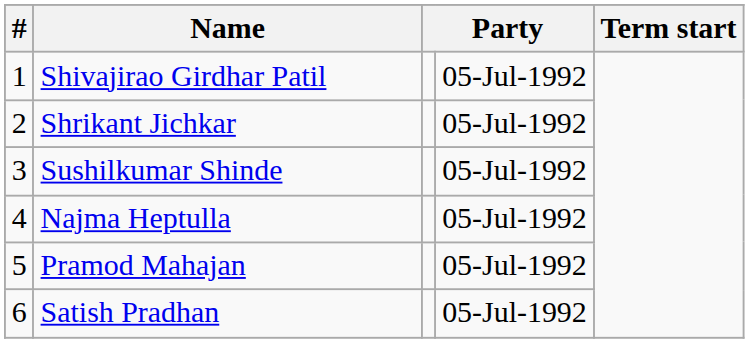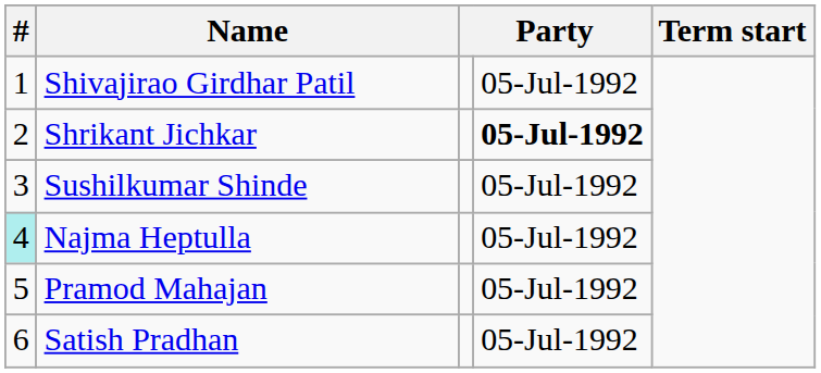 <table class="wikitable">
 <tr>
 <th>#</th>
 <th style="width:200px">Name</th>
 <th colspan="2">Party</th>
 <th>Term start</th>
 </tr>
 <tr>
 <td>1</td>
 <td><a href='#'>Shivajirao Girdhar Patil</a></td>
 <td></td>
 <td>05-Jul-1992</td>
 </tr>
 <tr>
 <td>2</td>
 <td><a href='#'>Shrikant Jichkar</a></td>
 <td></td>
-<td>05-Jul-1992</td>
+<td><strong>05-Jul-1992</strong></td>
 </tr>
 <tr>
 <td>3</td>
 <td><a href='#'>Sushilkumar Shinde</a></td>
 <td></td>
 <td>05-Jul-1992</td>
 </tr>
 <tr>
-<td>4</td>
+<td style="background: paleturquoise;">4</td>
 <td><a href='#'>Najma Heptulla</a></td>
 <td></td>
 <td>05-Jul-1992</td>
 </tr>
 <tr>
 <td>5</td>
 <td><a href='#'>Pramod Mahajan</a></td>
 <td></td>
 <td>05-Jul-1992</td>
 </tr>
 <tr>
 <td>6</td>
 <td><a href='#'>Satish Pradhan</a></td>
 <td></td>
 <td>05-Jul-1992</td>
 </tr>
 </table>
